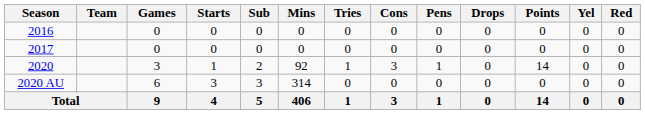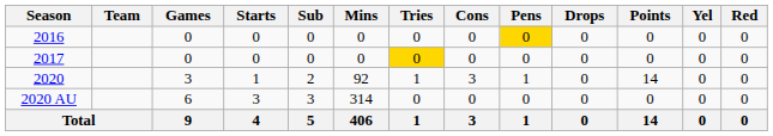 <table class="wikitable" style="text-align:center; line-height:90%; font-size:95%; width:60%;">
 <tr>
 <th>Season</th>
 <th>Team</th>
 <th>Games</th>
 <th>Starts</th>
 <th>Sub</th>
 <th>Mins</th>
 <th>Tries</th>
 <th>Cons</th>
 <th>Pens</th>
 <th>Drops</th>
 <th>Points</th>
 <th>Yel</th>
 <th>Red</th>
 </tr>
 <tr>
 <td><a href='#'>2016</a></td>
 <td></td>
 <td>0</td>
 <td>0</td>
 <td>0</td>
 <td>0</td>
 <td>0</td>
 <td>0</td>
-<td>0</td>
+<td style="background: gold;">0</td>
 <td>0</td>
 <td>0</td>
 <td>0</td>
 <td>0</td>
 </tr>
 <tr>
 <td><a href='#'>2017</a></td>
 <td></td>
 <td>0</td>
 <td>0</td>
 <td>0</td>
 <td>0</td>
-<td>0</td>
+<td style="background: gold;">0</td>
 <td>0</td>
 <td>0</td>
 <td>0</td>
 <td>0</td>
 <td>0</td>
 <td>0</td>
 </tr>
 <tr>
 <td><a href='#'>2020</a></td>
 <td></td>
 <td>3</td>
 <td>1</td>
 <td>2</td>
 <td>92</td>
 <td>1</td>
 <td>3</td>
 <td>1</td>
 <td>0</td>
 <td>14</td>
 <td>0</td>
 <td>0</td>
 </tr>
 <tr>
 <td><a href='#'>2020 AU</a></td>
 <td></td>
 <td>6</td>
 <td>3</td>
 <td>3</td>
 <td>314</td>
 <td>0</td>
 <td>0</td>
 <td>0</td>
 <td>0</td>
 <td>0</td>
 <td>0</td>
 <td>0</td>
 </tr>
 <tr>
 <th colspan="2">Total</th>
 <th>9</th>
 <th>4</th>
 <th>5</th>
 <th>406</th>
 <th>1</th>
 <th>3</th>
 <th>1</th>
 <th>0</th>
 <th>14</th>
 <th>0</th>
 <th>0</th>
 </tr>
 </table>
